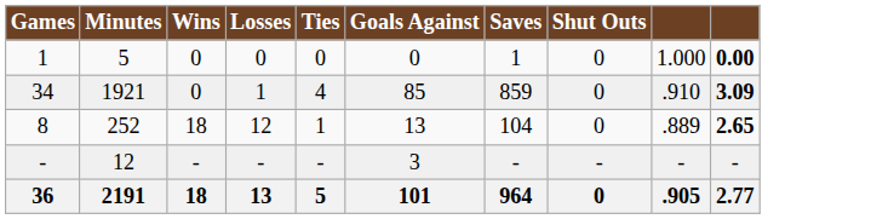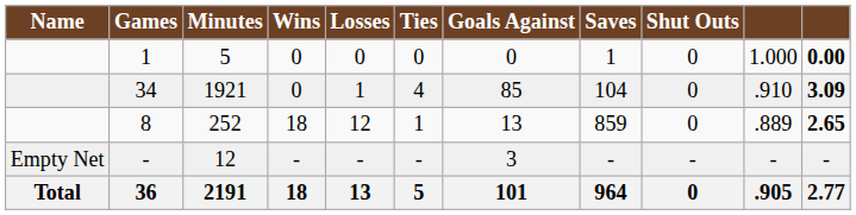 <table class="wikitable sortable">
 <tr align="center">
+<th style="color:white; background:#6C4023; ">Name</th>
 <th style="color:white; background:#6C4023; ">Games</th>
 <th style="color:white; background:#6C4023; ">Minutes</th>
 <th style="color:white; background:#6C4023; ">Wins</th>
 <th style="color:white; background:#6C4023; ">Losses</th>
 <th style="color:white; background:#6C4023; ">Ties</th>
 <th style="color:white; background:#6C4023; ">Goals Against</th>
 <th style="color:white; background:#6C4023; ">Saves</th>
 <th style="color:white; background:#6C4023; ">Shut Outs</th>
 <th style="color:white; background:#6C4023; "><a href='#'></a></th>
 <th style="color:white; background:#6C4023; "><a href='#'></a></th>
 </tr>
 <tr align="center" bgcolor="">
+<td></td>
 <td>1</td>
 <td>5</td>
 <td>0</td>
 <td>0</td>
 <td>0</td>
 <td>0</td>
 <td>1</td>
 <td>0</td>
 <td>1.000</td>
 <td><strong>0.00</strong></td>
 </tr>
 <tr align="center" bgcolor="f0f0f0">
+<td></td>
 <td>34</td>
 <td>1921</td>
 <td>0</td>
 <td>1</td>
 <td>4</td>
 <td>85</td>
-<td>859</td>
+<td>104</td>
 <td>0</td>
 <td>.910</td>
 <td><strong>3.09</strong></td>
 </tr>
 <tr align="center" bgcolor="">
+<td></td>
 <td>8</td>
 <td>252</td>
 <td>18</td>
 <td>12</td>
 <td>1</td>
 <td>13</td>
-<td>104</td>
+<td>859</td>
 <td>0</td>
 <td>.889</td>
 <td><strong>2.65</strong></td>
 </tr>
 <tr align="center" bgcolor="f0f0f0">
+<td>Empty Net</td>
 <td>-</td>
 <td>12</td>
 <td>-</td>
 <td>-</td>
 <td>-</td>
 <td>3</td>
 <td>-</td>
 <td>-</td>
 <td>-</td>
 <td>-</td>
 </tr>
 <tr>
+<th>Total</th>
 <th>36</th>
 <th>2191</th>
 <th>18</th>
 <th>13</th>
 <th>5</th>
 <th>101</th>
 <th>964</th>
 <th>0</th>
 <th>.905</th>
 <th>2.77</th>
 </tr>
 </table>
